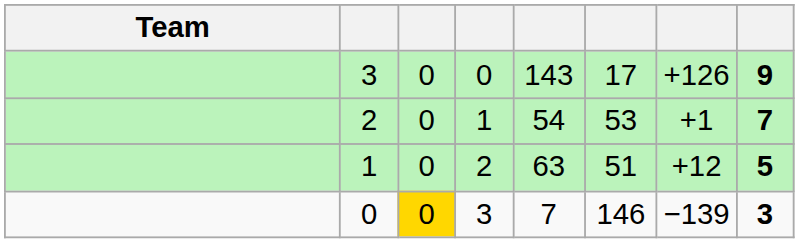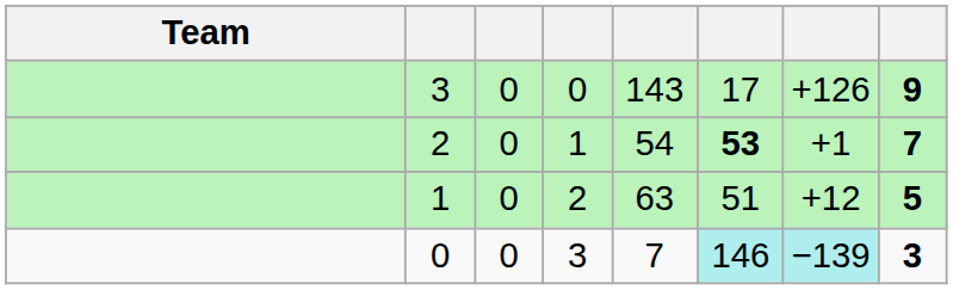 <table class="wikitable" style="text-align:center;">
 <tr>
 <th style="width:11em;">Team</th>
 <th style="width:1.5em;"></th>
 <th style="width:1.5em;"></th>
 <th style="width:1.5em;"></th>
 <th style="width:2.0em;"></th>
 <th style="width:2.0em;"></th>
 <th style="width:2.0em;"></th>
 <th style="width:1.5em;"></th>
 </tr>
 <tr bgcolor=#BBF3BB>
 <td align="left"></td>
 <td>3</td>
 <td>0</td>
 <td>0</td>
 <td>143</td>
 <td>17</td>
 <td>+126</td>
 <td><strong>9</strong></td>
 </tr>
 <tr bgcolor=#BBF3BB>
 <td align="left"></td>
 <td>2</td>
 <td>0</td>
 <td>1</td>
 <td>54</td>
-<td>53</td>
+<td><strong>53</strong></td>
 <td>+1</td>
 <td><strong>7</strong></td>
 </tr>
 <tr bgcolor=#BBF3BB>
 <td align="left"></td>
 <td>1</td>
 <td>0</td>
 <td>2</td>
 <td>63</td>
 <td>51</td>
 <td>+12</td>
 <td><strong>5</strong></td>
 </tr>
 <tr>
 <td align="left"></td>
 <td>0</td>
-<td style="background: gold;">0</td>
+<td>0</td>
 <td>3</td>
 <td>7</td>
-<td>146</td>
-<td>−139</td>
+<td style="background: paleturquoise;">146</td>
+<td style="background: paleturquoise;">−139</td>
 <td><strong>3</strong></td>
 </tr>
 </table>
